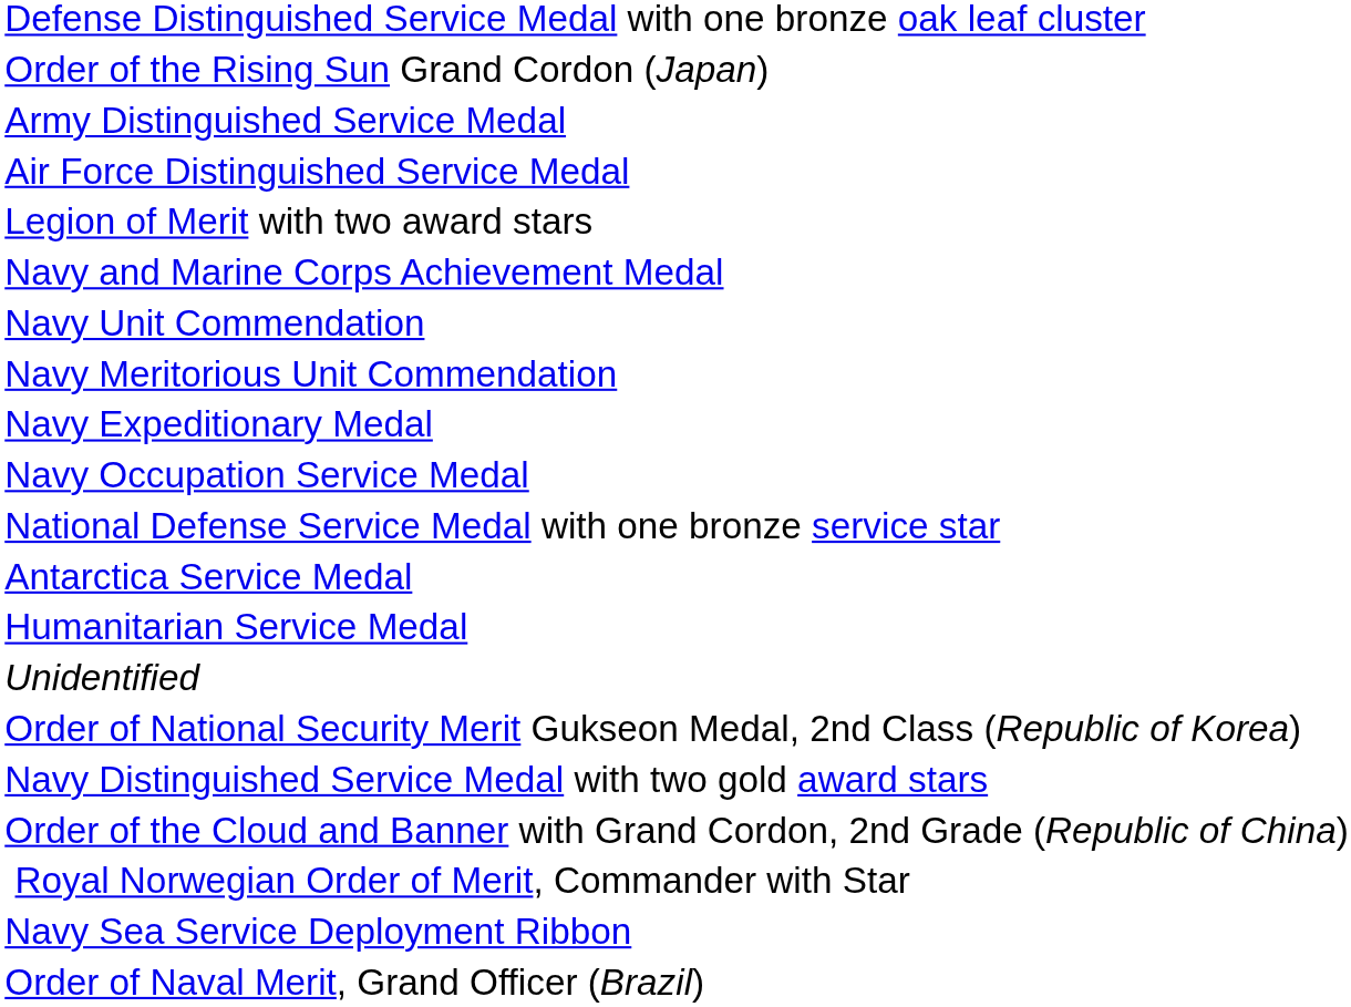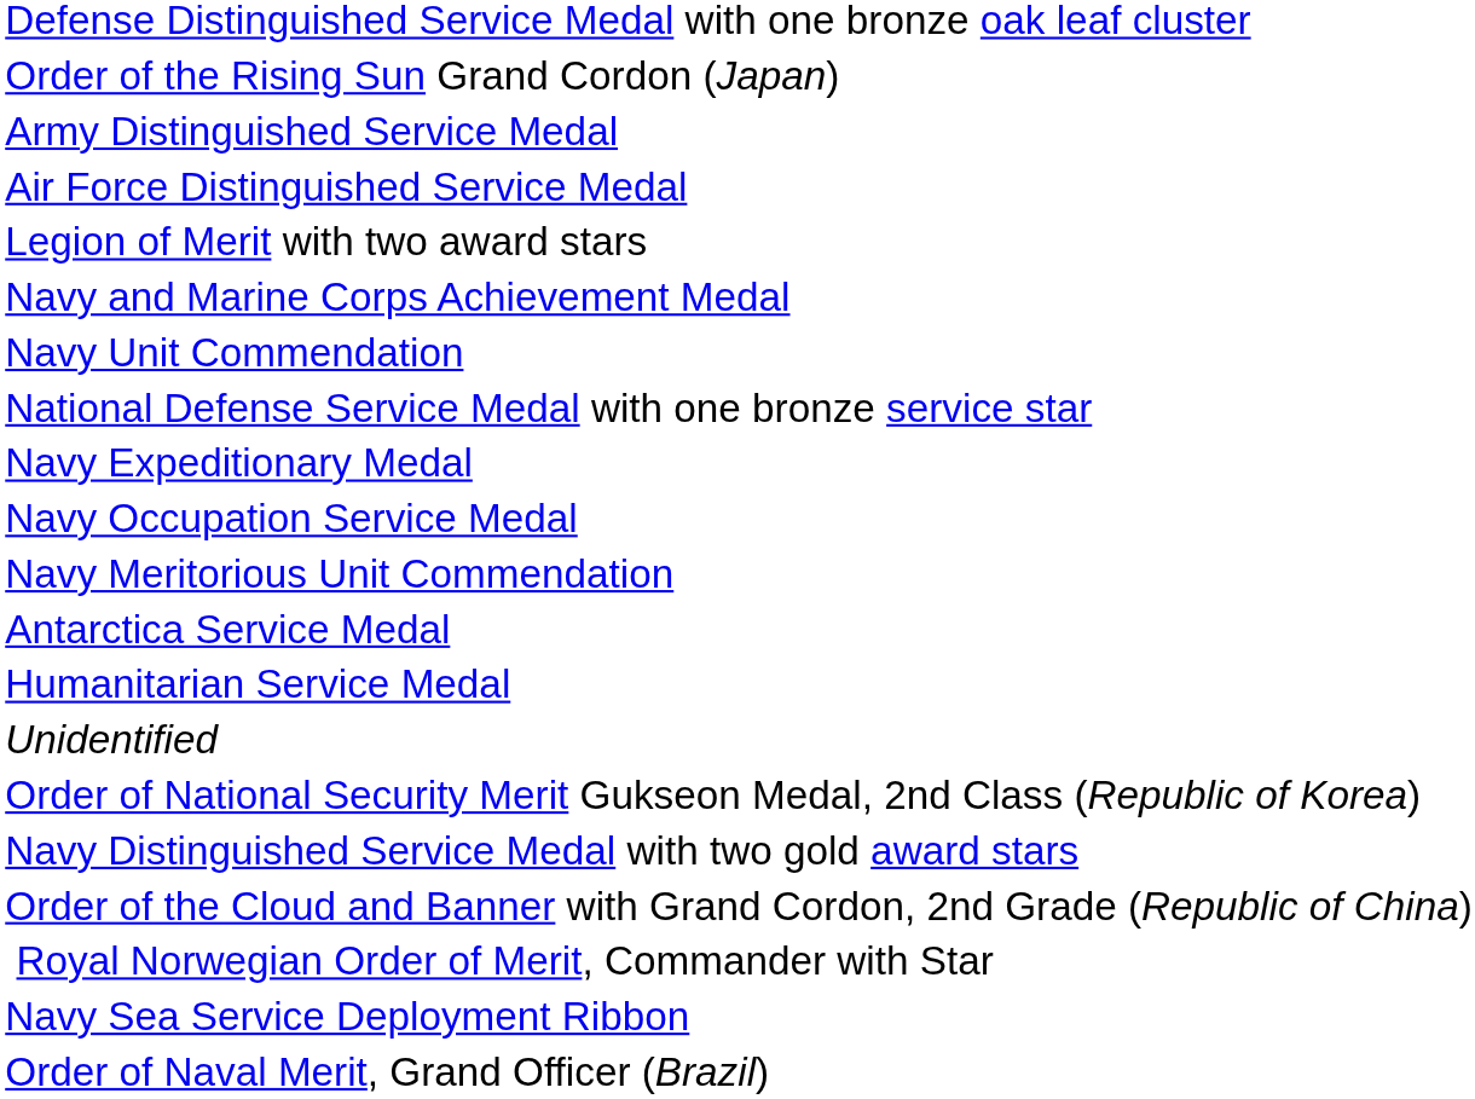 <table>
 <tr>
 <td> <a href='#'>Defense Distinguished Service Medal</a> with one bronze <a href='#'>oak leaf cluster</a></td>
 </tr>
 <tr>
 <td> <a href='#'>Order of the Rising Sun</a> Grand Cordon (<em>Japan</em>)</td>
 </tr>
 <tr>
 <td> <a href='#'>Army Distinguished Service Medal</a></td>
 </tr>
 <tr>
 <td> <a href='#'>Air Force Distinguished Service Medal</a></td>
 </tr>
 <tr>
 <td><span></span><span></span> <a href='#'>Legion of Merit</a> with two award stars</td>
 </tr>
 <tr>
 <td> <a href='#'>Navy and Marine Corps Achievement Medal</a></td>
 </tr>
 <tr>
 <td> <a href='#'>Navy Unit Commendation</a></td>
 </tr>
 <tr>
-<td> <a href='#'>Navy Meritorious Unit Commendation</a></td>
+<td> <a href='#'>National Defense Service Medal</a> with one bronze <a href='#'>service star</a></td>
 </tr>
 <tr>
 <td> <a href='#'>Navy Expeditionary Medal</a></td>
 </tr>
 <tr>
 <td> <a href='#'>Navy Occupation Service Medal</a></td>
 </tr>
 <tr>
-<td> <a href='#'>National Defense Service Medal</a> with one bronze <a href='#'>service star</a></td>
+<td> <a href='#'>Navy Meritorious Unit Commendation</a></td>
 </tr>
 <tr>
 <td> <a href='#'>Antarctica Service Medal</a></td>
 </tr>
 <tr>
 <td> <a href='#'>Humanitarian Service Medal</a></td>
 </tr>
 <tr>
 <td> <em>Unidentified</em></td>
 </tr>
 <tr>
 <td> <a href='#'>Order of National Security Merit</a> Gukseon Medal, 2nd Class (<em>Republic of Korea</em>)</td>
 </tr>
 <tr>
 <td><span></span><span></span> <a href='#'>Navy Distinguished Service Medal</a> with two gold <a href='#'>award stars</a></td>
 </tr>
 <tr>
 <td> <a href='#'>Order of the Cloud and Banner</a> with Grand Cordon, 2nd Grade (<em>Republic of China</em>)</td>
 </tr>
 <tr>
 <td> <a href='#'>Royal Norwegian Order of Merit</a>, Commander with Star</td>
 </tr>
 <tr>
 <td> <a href='#'>Navy Sea Service Deployment Ribbon</a></td>
 </tr>
 <tr>
 <td> <a href='#'>Order of Naval Merit</a>, Grand Officer (<em>Brazil</em>)</td>
 </tr>
 </table>
